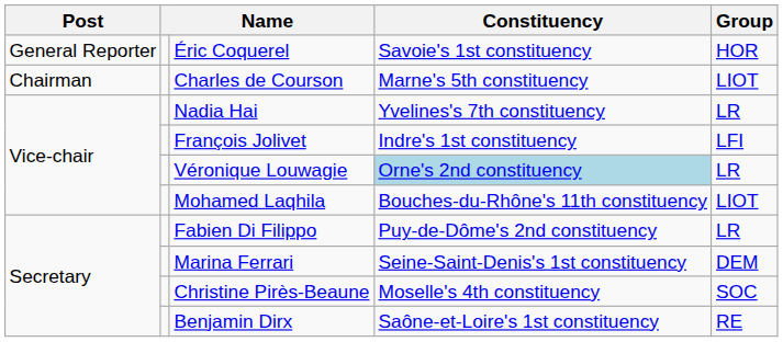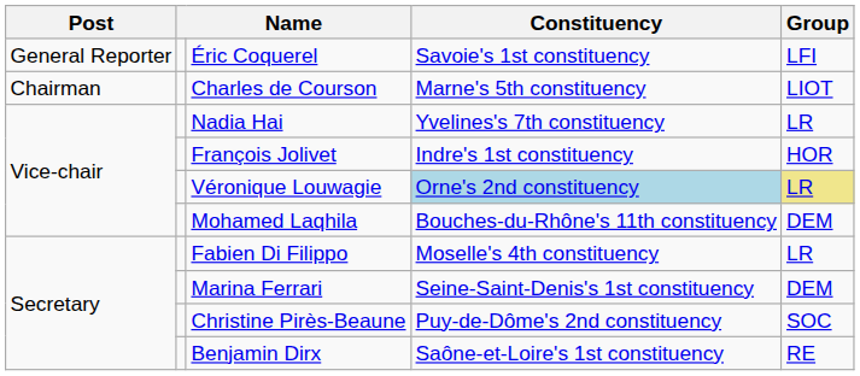 <table class="wikitable" style="font-size:95%;">
 <tr>
 <th>Post</th>
 <th colspan=2>Name</th>
 <th>Constituency</th>
 <th>Group</th>
 </tr>
 <tr>
 <td>General Reporter</td>
 <td style="background:"></td>
 <td><a href='#'>Éric Coquerel</a></td>
 <td><a href='#'>Savoie's 1st constituency</a></td>
-<td><a href='#'>HOR</a></td>
+<td><a href='#'>LFI</a></td>
 </tr>
 <tr>
 <td>Chairman</td>
 <td style="background:"></td>
 <td><a href='#'>Charles de Courson</a></td>
 <td><a href='#'>Marne's 5th constituency</a></td>
 <td><a href='#'>LIOT</a></td>
 </tr>
 <tr>
 <td rowspan=4>Vice-chair</td>
 <td style="background:"></td>
 <td><a href='#'>Nadia Hai</a></td>
 <td><a href='#'>Yvelines's 7th constituency</a></td>
 <td><a href='#'>LR</a></td>
 </tr>
 <tr>
 <td style="background:"></td>
 <td><a href='#'>François Jolivet</a></td>
 <td><a href='#'>Indre's 1st constituency</a></td>
-<td><a href='#'>LFI</a></td>
+<td><a href='#'>HOR</a></td>
 </tr>
 <tr>
 <td style="background:"></td>
 <td><a href='#'>Véronique Louwagie</a></td>
 <td style="background: lightblue;"><a href='#'>Orne's 2nd constituency</a></td>
-<td><a href='#'>LR</a></td>
+<td style="background: khaki;"><a href='#'>LR</a></td>
 </tr>
 <tr>
 <td style="background:"></td>
 <td><a href='#'>Mohamed Laqhila</a></td>
 <td><a href='#'>Bouches-du-Rhône's 11th constituency</a></td>
-<td><a href='#'>LIOT</a></td>
+<td><a href='#'>DEM</a></td>
 </tr>
 <tr>
 <td rowspan=4>Secretary</td>
 <td style="background:"></td>
 <td><a href='#'>Fabien Di Filippo</a></td>
-<td><a href='#'>Puy-de-Dôme's 2nd constituency</a></td>
+<td><a href='#'>Moselle's 4th constituency</a></td>
 <td><a href='#'>LR</a></td>
 </tr>
 <tr>
 <td style="background:"></td>
 <td><a href='#'>Marina Ferrari</a></td>
 <td><a href='#'>Seine-Saint-Denis's 1st constituency</a></td>
 <td><a href='#'>DEM</a></td>
 </tr>
 <tr>
 <td style="background:"></td>
 <td><a href='#'>Christine Pirès-Beaune</a></td>
-<td><a href='#'>Moselle's 4th constituency</a></td>
+<td><a href='#'>Puy-de-Dôme's 2nd constituency</a></td>
 <td><a href='#'>SOC</a></td>
 </tr>
 <tr>
 <td style="background:"></td>
 <td><a href='#'>Benjamin Dirx</a></td>
 <td><a href='#'>Saône-et-Loire's 1st constituency</a></td>
 <td><a href='#'>RE</a></td>
 </tr>
 </table>
